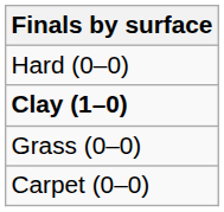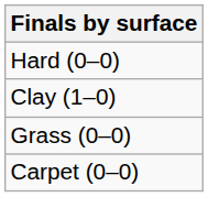 <table class=wikitable style=font-size:97%>
 <tr>
 <th>Finals by surface</th>
 </tr>
 <tr>
 <td>Hard (0–0)</td>
 </tr>
 <tr>
-<td><strong>Clay (1–0)</strong></td>
+<td>Clay (1–0)</td>
 </tr>
 <tr>
 <td>Grass (0–0)</td>
 </tr>
 <tr>
 <td>Carpet (0–0)</td>
 </tr>
 </table>
